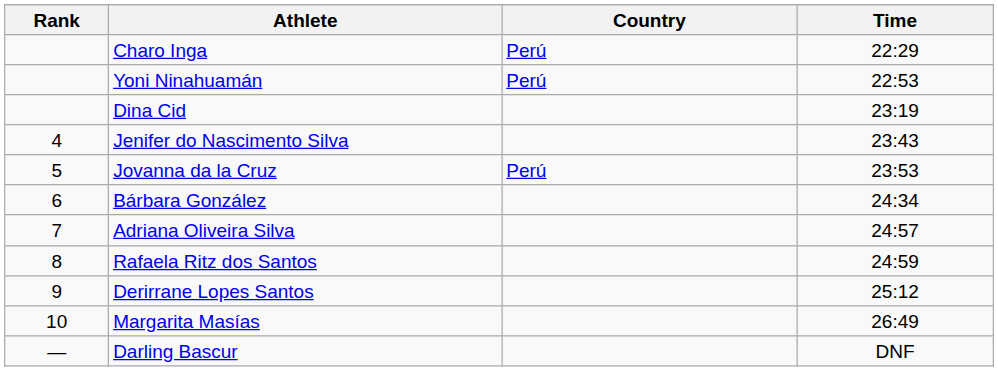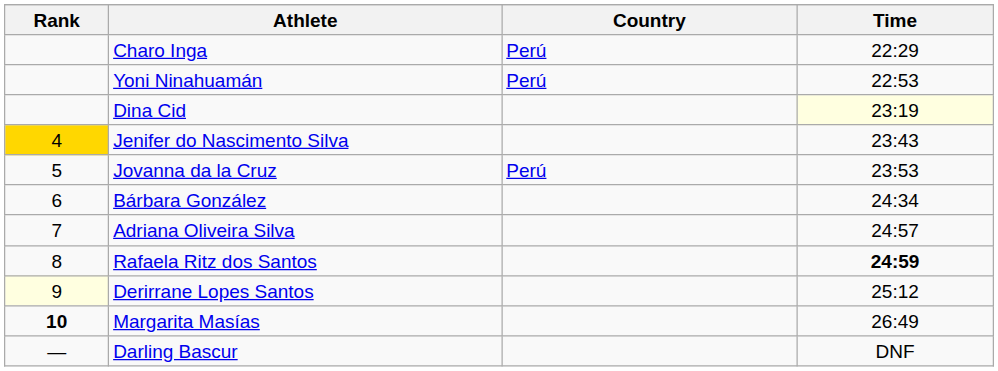 <table class="wikitable sortable" style=" text-align:center; font-size:95%;" width="50%">
 <tr>
 </tr>
 <tr>
 <th width=5%>Rank</th>
 <th width=20%>Athlete</th>
 <th width=15%>Country</th>
 <th width=10%>Time</th>
 </tr>
 <tr>
 <td align=center></td>
 <td align=left><a href='#'>Charo Inga</a></td>
 <td align=left> <a href='#'>Perú</a></td>
 <td>22:29</td>
 </tr>
 <tr>
 <td align=center></td>
 <td align=left><a href='#'>Yoni Ninahuamán</a></td>
 <td align=left> <a href='#'>Perú</a></td>
 <td>22:53</td>
 </tr>
 <tr>
 <td align=center></td>
 <td align=left><a href='#'>Dina Cid</a></td>
 <td align=left></td>
-<td>23:19</td>
+<td style="background: lightyellow;">23:19</td>
 </tr>
 <tr>
-<td align=center>4</td>
+<td align=center style="background: gold;">4</td>
 <td align=left><a href='#'>Jenifer do Nascimento Silva</a></td>
 <td align=left></td>
 <td>23:43</td>
 </tr>
 <tr>
 <td align=center>5</td>
 <td align=left><a href='#'>Jovanna da la Cruz</a></td>
 <td align=left> <a href='#'>Perú</a></td>
 <td>23:53</td>
 </tr>
 <tr>
 <td align=center>6</td>
 <td align=left><a href='#'>Bárbara González</a></td>
 <td align=left></td>
 <td>24:34</td>
 </tr>
 <tr>
 <td align=center>7</td>
 <td align=left><a href='#'>Adriana Oliveira Silva</a></td>
 <td align=left></td>
 <td>24:57</td>
 </tr>
 <tr>
 <td align=center>8</td>
 <td align=left><a href='#'>Rafaela Ritz dos Santos</a></td>
 <td align=left></td>
-<td>24:59</td>
+<td><strong>24:59</strong></td>
 </tr>
 <tr>
-<td align=center>9</td>
+<td align=center style="background: lightyellow;">9</td>
 <td align=left><a href='#'>Derirrane Lopes Santos</a></td>
 <td align=left></td>
 <td>25:12</td>
 </tr>
 <tr>
-<td align=center>10</td>
+<td align=center><strong>10</strong></td>
 <td align=left><a href='#'>Margarita Masías</a></td>
 <td align=left></td>
 <td>26:49</td>
 </tr>
 <tr>
 <td align=center>—</td>
 <td align=left><a href='#'>Darling Bascur</a></td>
 <td align=left></td>
 <td>DNF</td>
 </tr>
 </table>
